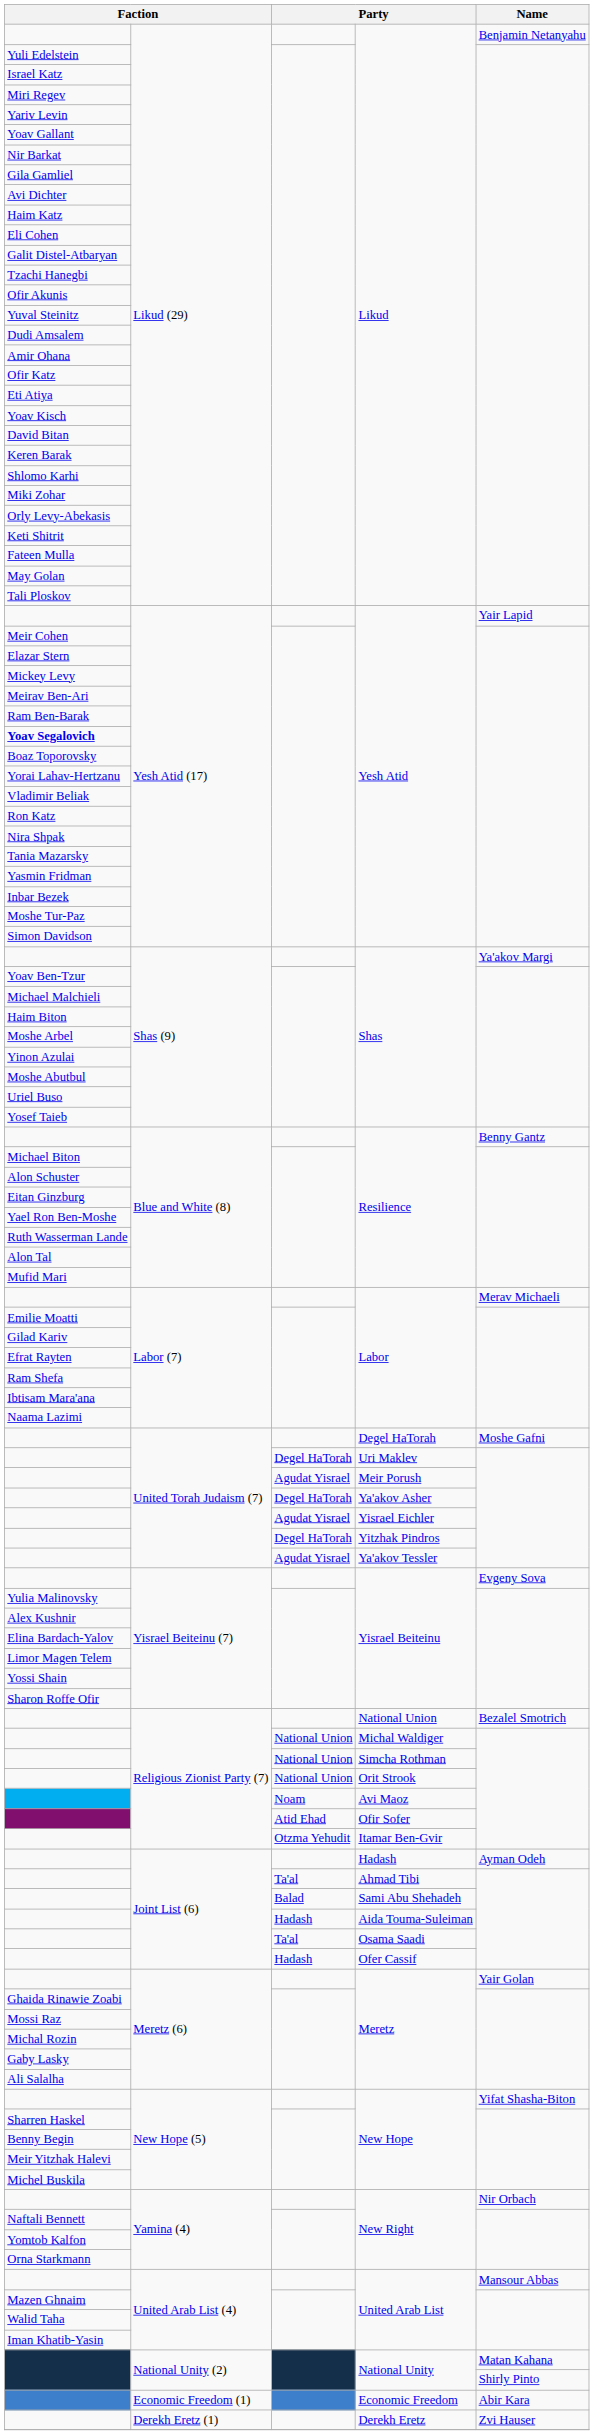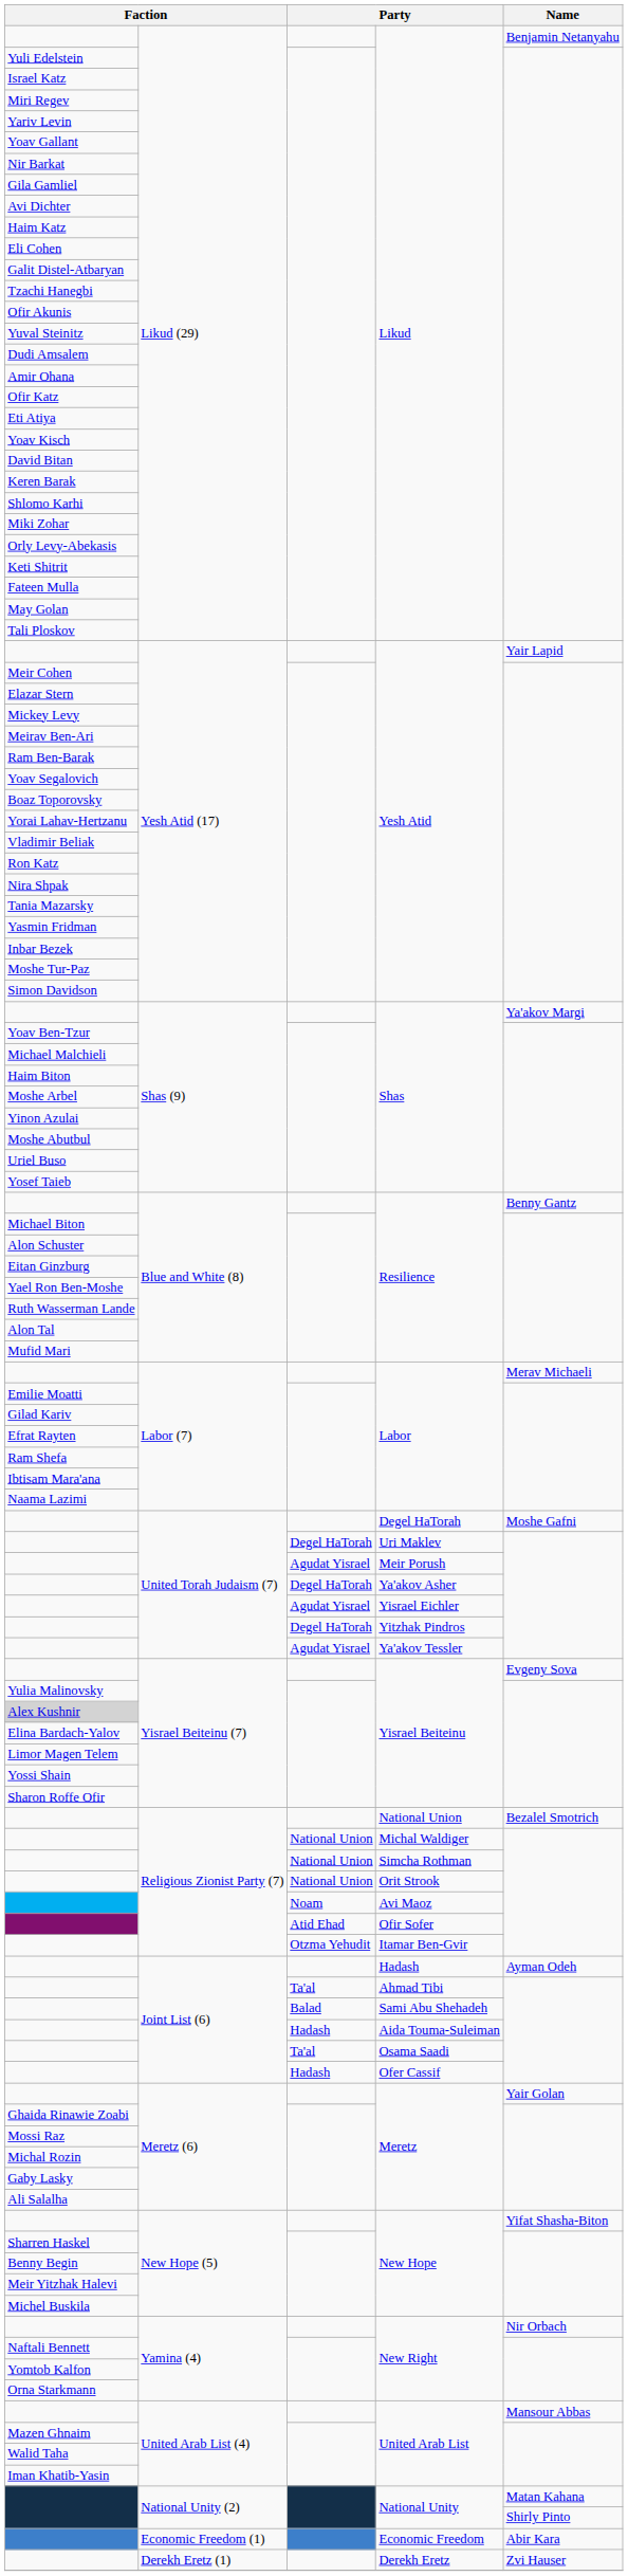 <table class="wikitable sortable">
 <tr>
 <th colspan=2>Faction</th>
 <th colspan=2>Party</th>
 <th>Name</th>
 </tr>
 <tr>
 <td bgcolor=></td>
 <td rowspan=29><a href='#'>Likud</a> (29)</td>
 <td bgcolor=></td>
 <td rowspan=29><a href='#'>Likud</a></td>
 <td><a href='#'>Benjamin Netanyahu</a></td>
 </tr>
 <tr>
 <td><a href='#'>Yuli Edelstein</a></td>
 </tr>
 <tr>
 <td><a href='#'>Israel Katz</a></td>
 </tr>
 <tr>
 <td><a href='#'>Miri Regev</a></td>
 </tr>
 <tr>
 <td><a href='#'>Yariv Levin</a></td>
 </tr>
 <tr>
 <td><a href='#'>Yoav Gallant</a></td>
 </tr>
 <tr>
 <td><a href='#'>Nir Barkat</a></td>
 </tr>
 <tr>
 <td><a href='#'>Gila Gamliel</a></td>
 </tr>
 <tr>
 <td><a href='#'>Avi Dichter</a></td>
 </tr>
 <tr>
 <td><a href='#'>Haim Katz</a></td>
 </tr>
 <tr>
 <td><a href='#'>Eli Cohen</a></td>
 </tr>
 <tr>
 <td><a href='#'>Galit Distel-Atbaryan</a></td>
 </tr>
 <tr>
 <td><a href='#'>Tzachi Hanegbi</a></td>
 </tr>
 <tr>
 <td><a href='#'>Ofir Akunis</a></td>
 </tr>
 <tr>
 <td><a href='#'>Yuval Steinitz</a></td>
 </tr>
 <tr>
 <td><a href='#'>Dudi Amsalem</a></td>
 </tr>
 <tr>
 <td><a href='#'>Amir Ohana</a></td>
 </tr>
 <tr>
 <td><a href='#'>Ofir Katz</a></td>
 </tr>
 <tr>
 <td><a href='#'>Eti Atiya</a></td>
 </tr>
 <tr>
 <td><a href='#'>Yoav Kisch</a></td>
 </tr>
 <tr>
 <td><a href='#'>David Bitan</a></td>
 </tr>
 <tr>
 <td><a href='#'>Keren Barak</a></td>
 </tr>
 <tr>
 <td><a href='#'>Shlomo Karhi</a></td>
 </tr>
 <tr>
 <td><a href='#'>Miki Zohar</a></td>
 </tr>
 <tr>
 <td><a href='#'>Orly Levy-Abekasis</a></td>
 </tr>
 <tr>
 <td><a href='#'>Keti Shitrit</a></td>
 </tr>
 <tr>
 <td><a href='#'>Fateen Mulla</a></td>
 </tr>
 <tr>
 <td><a href='#'>May Golan</a></td>
 </tr>
 <tr>
 <td><a href='#'>Tali Ploskov</a></td>
 </tr>
 <tr>
 <td bgcolor=></td>
 <td rowspan=17><a href='#'>Yesh Atid</a> (17)</td>
 <td bgcolor=></td>
 <td rowspan=17><a href='#'>Yesh Atid</a></td>
 <td><a href='#'>Yair Lapid</a></td>
 </tr>
 <tr>
 <td><a href='#'>Meir Cohen</a></td>
 </tr>
 <tr>
 <td><a href='#'>Elazar Stern</a></td>
 </tr>
 <tr>
 <td><a href='#'>Mickey Levy</a></td>
 </tr>
 <tr>
 <td><a href='#'>Meirav Ben-Ari</a></td>
 </tr>
 <tr>
 <td><a href='#'>Ram Ben-Barak</a></td>
 </tr>
 <tr>
-<td><strong><a href='#'>Yoav Segalovich</a></strong></td>
+<td><a href='#'>Yoav Segalovich</a></td>
 </tr>
 <tr>
 <td><a href='#'>Boaz Toporovsky</a></td>
 </tr>
 <tr>
 <td><a href='#'>Yorai Lahav-Hertzanu</a></td>
 </tr>
 <tr>
 <td><a href='#'>Vladimir Beliak</a></td>
 </tr>
 <tr>
 <td><a href='#'>Ron Katz</a></td>
 </tr>
 <tr>
 <td><a href='#'>Nira Shpak</a></td>
 </tr>
 <tr>
 <td><a href='#'>Tania Mazarsky</a></td>
 </tr>
 <tr>
 <td><a href='#'>Yasmin Fridman</a></td>
 </tr>
 <tr>
 <td><a href='#'>Inbar Bezek</a></td>
 </tr>
 <tr>
 <td><a href='#'>Moshe Tur-Paz</a></td>
 </tr>
 <tr>
 <td><a href='#'>Simon Davidson</a></td>
 </tr>
 <tr>
 <td bgcolor=></td>
 <td rowspan=9><a href='#'>Shas</a> (9)</td>
 <td bgcolor=></td>
 <td rowspan=9><a href='#'>Shas</a></td>
 <td><a href='#'>Ya'akov Margi</a></td>
 </tr>
 <tr>
 <td><a href='#'>Yoav Ben-Tzur</a></td>
 </tr>
 <tr>
 <td><a href='#'>Michael Malchieli</a></td>
 </tr>
 <tr>
 <td><a href='#'>Haim Biton</a></td>
 </tr>
 <tr>
 <td><a href='#'>Moshe Arbel</a></td>
 </tr>
 <tr>
 <td><a href='#'>Yinon Azulai</a></td>
 </tr>
 <tr>
 <td><a href='#'>Moshe Abutbul</a></td>
 </tr>
 <tr>
 <td><a href='#'>Uriel Buso</a></td>
 </tr>
 <tr>
 <td><a href='#'>Yosef Taieb</a></td>
 </tr>
 <tr>
 <td bgcolor=></td>
 <td rowspan=8><a href='#'>Blue and White</a> (8)</td>
 <td bgcolor=></td>
 <td rowspan=8><a href='#'>Resilience</a></td>
 <td><a href='#'>Benny Gantz</a></td>
 </tr>
 <tr>
 <td><a href='#'>Michael Biton</a></td>
 </tr>
 <tr>
 <td><a href='#'>Alon Schuster</a></td>
 </tr>
 <tr>
 <td><a href='#'>Eitan Ginzburg</a></td>
 </tr>
 <tr>
 <td><a href='#'>Yael Ron Ben-Moshe</a></td>
 </tr>
 <tr>
 <td><a href='#'>Ruth Wasserman Lande</a></td>
 </tr>
 <tr>
 <td><a href='#'>Alon Tal</a></td>
 </tr>
 <tr>
 <td><a href='#'>Mufid Mari</a></td>
 </tr>
 <tr>
 <td bgcolor=></td>
 <td rowspan=7><a href='#'>Labor</a> (7)</td>
 <td bgcolor=></td>
 <td rowspan=7><a href='#'>Labor</a></td>
 <td><a href='#'>Merav Michaeli</a></td>
 </tr>
 <tr>
 <td><a href='#'>Emilie Moatti</a></td>
 </tr>
 <tr>
 <td><a href='#'>Gilad Kariv</a></td>
 </tr>
 <tr>
 <td><a href='#'>Efrat Rayten</a></td>
 </tr>
 <tr>
 <td><a href='#'>Ram Shefa</a></td>
 </tr>
 <tr>
 <td><a href='#'>Ibtisam Mara'ana</a></td>
 </tr>
 <tr>
 <td><a href='#'>Naama Lazimi</a></td>
 </tr>
 <tr>
 <td bgcolor=></td>
 <td rowspan=7><a href='#'>United Torah Judaism</a> (7)</td>
 <td bgcolor=></td>
 <td><a href='#'>Degel HaTorah</a></td>
 <td><a href='#'>Moshe Gafni</a></td>
 </tr>
 <tr>
 <td bgcolor=></td>
 <td><a href='#'>Degel HaTorah</a></td>
 <td><a href='#'>Uri Maklev</a></td>
 </tr>
 <tr>
 <td bgcolor=></td>
 <td><a href='#'>Agudat Yisrael</a></td>
 <td><a href='#'>Meir Porush</a></td>
 </tr>
 <tr>
 <td bgcolor=></td>
 <td><a href='#'>Degel HaTorah</a></td>
 <td><a href='#'>Ya'akov Asher</a></td>
 </tr>
 <tr>
 <td bgcolor=></td>
 <td><a href='#'>Agudat Yisrael</a></td>
 <td><a href='#'>Yisrael Eichler</a></td>
 </tr>
 <tr>
 <td bgcolor=></td>
 <td><a href='#'>Degel HaTorah</a></td>
 <td><a href='#'>Yitzhak Pindros</a></td>
 </tr>
 <tr>
 <td bgcolor=></td>
 <td><a href='#'>Agudat Yisrael</a></td>
 <td><a href='#'>Ya'akov Tessler</a></td>
 </tr>
 <tr>
 <td bgcolor=></td>
 <td rowspan=7><a href='#'>Yisrael Beiteinu</a> (7)</td>
 <td bgcolor=></td>
 <td rowspan=7><a href='#'>Yisrael Beiteinu</a></td>
 <td><a href='#'>Evgeny Sova</a></td>
 </tr>
 <tr>
 <td><a href='#'>Yulia Malinovsky</a></td>
 </tr>
 <tr>
-<td><a href='#'>Alex Kushnir</a></td>
+<td style="background: lightgrey;"><a href='#'>Alex Kushnir</a></td>
 </tr>
 <tr>
 <td><a href='#'>Elina Bardach-Yalov</a></td>
 </tr>
 <tr>
 <td><a href='#'>Limor Magen Telem</a></td>
 </tr>
 <tr>
 <td><a href='#'>Yossi Shain</a></td>
 </tr>
 <tr>
 <td><a href='#'>Sharon Roffe Ofir</a></td>
 </tr>
 <tr>
 <td bgcolor=></td>
 <td rowspan=7><a href='#'>Religious Zionist Party</a> (7)</td>
 <td bgcolor=></td>
 <td><a href='#'>National Union</a></td>
 <td><a href='#'>Bezalel Smotrich</a></td>
 </tr>
 <tr>
 <td bgcolor=></td>
 <td><a href='#'>National Union</a></td>
 <td><a href='#'>Michal Waldiger</a></td>
 </tr>
 <tr>
 <td bgcolor=></td>
 <td><a href='#'>National Union</a></td>
 <td><a href='#'>Simcha Rothman</a></td>
 </tr>
 <tr>
 <td bgcolor=></td>
 <td><a href='#'>National Union</a></td>
 <td><a href='#'>Orit Strook</a></td>
 </tr>
 <tr>
 <td bgcolor=#01AFF0></td>
 <td><a href='#'>Noam</a></td>
 <td><a href='#'>Avi Maoz</a></td>
 </tr>
 <tr>
 <td bgcolor=#810F6E></td>
 <td><a href='#'>Atid Ehad</a></td>
 <td><a href='#'>Ofir Sofer</a></td>
 </tr>
 <tr>
 <td bgcolor=></td>
 <td><a href='#'>Otzma Yehudit</a></td>
 <td><a href='#'>Itamar Ben-Gvir</a></td>
 </tr>
 <tr>
 <td bgcolor=></td>
 <td rowspan=6><a href='#'>Joint List</a> (6)</td>
 <td bgcolor=></td>
 <td><a href='#'>Hadash</a></td>
 <td><a href='#'>Ayman Odeh</a></td>
 </tr>
 <tr>
 <td bgcolor=></td>
 <td><a href='#'>Ta'al</a></td>
 <td><a href='#'>Ahmad Tibi</a></td>
 </tr>
 <tr>
 <td bgcolor=></td>
 <td><a href='#'>Balad</a></td>
 <td><a href='#'>Sami Abu Shehadeh</a></td>
 </tr>
 <tr>
 <td bgcolor=></td>
 <td><a href='#'>Hadash</a></td>
 <td><a href='#'>Aida Touma-Suleiman</a></td>
 </tr>
 <tr>
 <td bgcolor=></td>
 <td><a href='#'>Ta'al</a></td>
 <td><a href='#'>Osama Saadi</a></td>
 </tr>
 <tr>
 <td bgcolor=></td>
 <td><a href='#'>Hadash</a></td>
 <td><a href='#'>Ofer Cassif</a></td>
 </tr>
 <tr>
 <td bgcolor=></td>
 <td rowspan=6><a href='#'>Meretz</a> (6)</td>
 <td bgcolor=></td>
 <td rowspan=6><a href='#'>Meretz</a></td>
 <td><a href='#'>Yair Golan</a></td>
 </tr>
 <tr>
 <td><a href='#'>Ghaida Rinawie Zoabi</a></td>
 </tr>
 <tr>
 <td><a href='#'>Mossi Raz</a></td>
 </tr>
 <tr>
 <td><a href='#'>Michal Rozin</a></td>
 </tr>
 <tr>
 <td><a href='#'>Gaby Lasky</a></td>
 </tr>
 <tr>
 <td><a href='#'>Ali Salalha</a></td>
 </tr>
 <tr>
 <td bgcolor=></td>
 <td rowspan=5><a href='#'>New Hope</a> (5)</td>
 <td bgcolor=></td>
 <td rowspan=5><a href='#'>New Hope</a></td>
 <td><a href='#'>Yifat Shasha-Biton</a></td>
 </tr>
 <tr>
 <td><a href='#'>Sharren Haskel</a></td>
 </tr>
 <tr>
 <td><a href='#'>Benny Begin</a></td>
 </tr>
 <tr>
 <td><a href='#'>Meir Yitzhak Halevi</a></td>
 </tr>
 <tr>
 <td><a href='#'>Michel Buskila</a></td>
 </tr>
 <tr>
 <td bgcolor=></td>
 <td rowspan=4><a href='#'>Yamina</a> (4)</td>
 <td bgcolor=></td>
 <td rowspan=4><a href='#'>New Right</a></td>
 <td><a href='#'>Nir Orbach</a></td>
 </tr>
 <tr>
 <td><a href='#'>Naftali Bennett</a></td>
 </tr>
 <tr>
 <td><a href='#'>Yomtob Kalfon</a></td>
 </tr>
 <tr>
 <td><a href='#'>Orna Starkmann</a></td>
 </tr>
 <tr>
 <td bgcolor=></td>
 <td rowspan=4><a href='#'>United Arab List</a> (4)</td>
 <td bgcolor=></td>
 <td rowspan=4><a href='#'>United Arab List</a></td>
 <td><a href='#'>Mansour Abbas</a></td>
 </tr>
 <tr>
 <td><a href='#'>Mazen Ghnaim</a></td>
 </tr>
 <tr>
 <td><a href='#'>Walid Taha</a></td>
 </tr>
 <tr>
 <td><a href='#'>Iman Khatib-Yasin</a></td>
 </tr>
 <tr>
 <td bgcolor=#132F49 rowspan=2></td>
 <td rowspan=2><a href='#'>National Unity</a> (2)</td>
 <td bgcolor=#132F49 rowspan=2></td>
 <td rowspan=2><a href='#'>National Unity</a></td>
 <td><a href='#'>Matan Kahana</a></td>
 </tr>
 <tr>
 <td><a href='#'>Shirly Pinto</a></td>
 </tr>
 <tr>
 <td bgcolor=#3D7FCA rowspan=1></td>
 <td rowspan=1><a href='#'>Economic Freedom</a> (1)</td>
 <td bgcolor=#3D7FCA></td>
 <td><a href='#'>Economic Freedom</a></td>
 <td><a href='#'>Abir Kara</a></td>
 </tr>
 <tr>
 <td bgcolor=></td>
 <td rowspan=1><a href='#'>Derekh Eretz</a> (1)</td>
 <td bgcolor=></td>
 <td><a href='#'>Derekh Eretz</a></td>
 <td><a href='#'>Zvi Hauser</a></td>
 </tr>
 <tr>
 </tr>
 </table>
